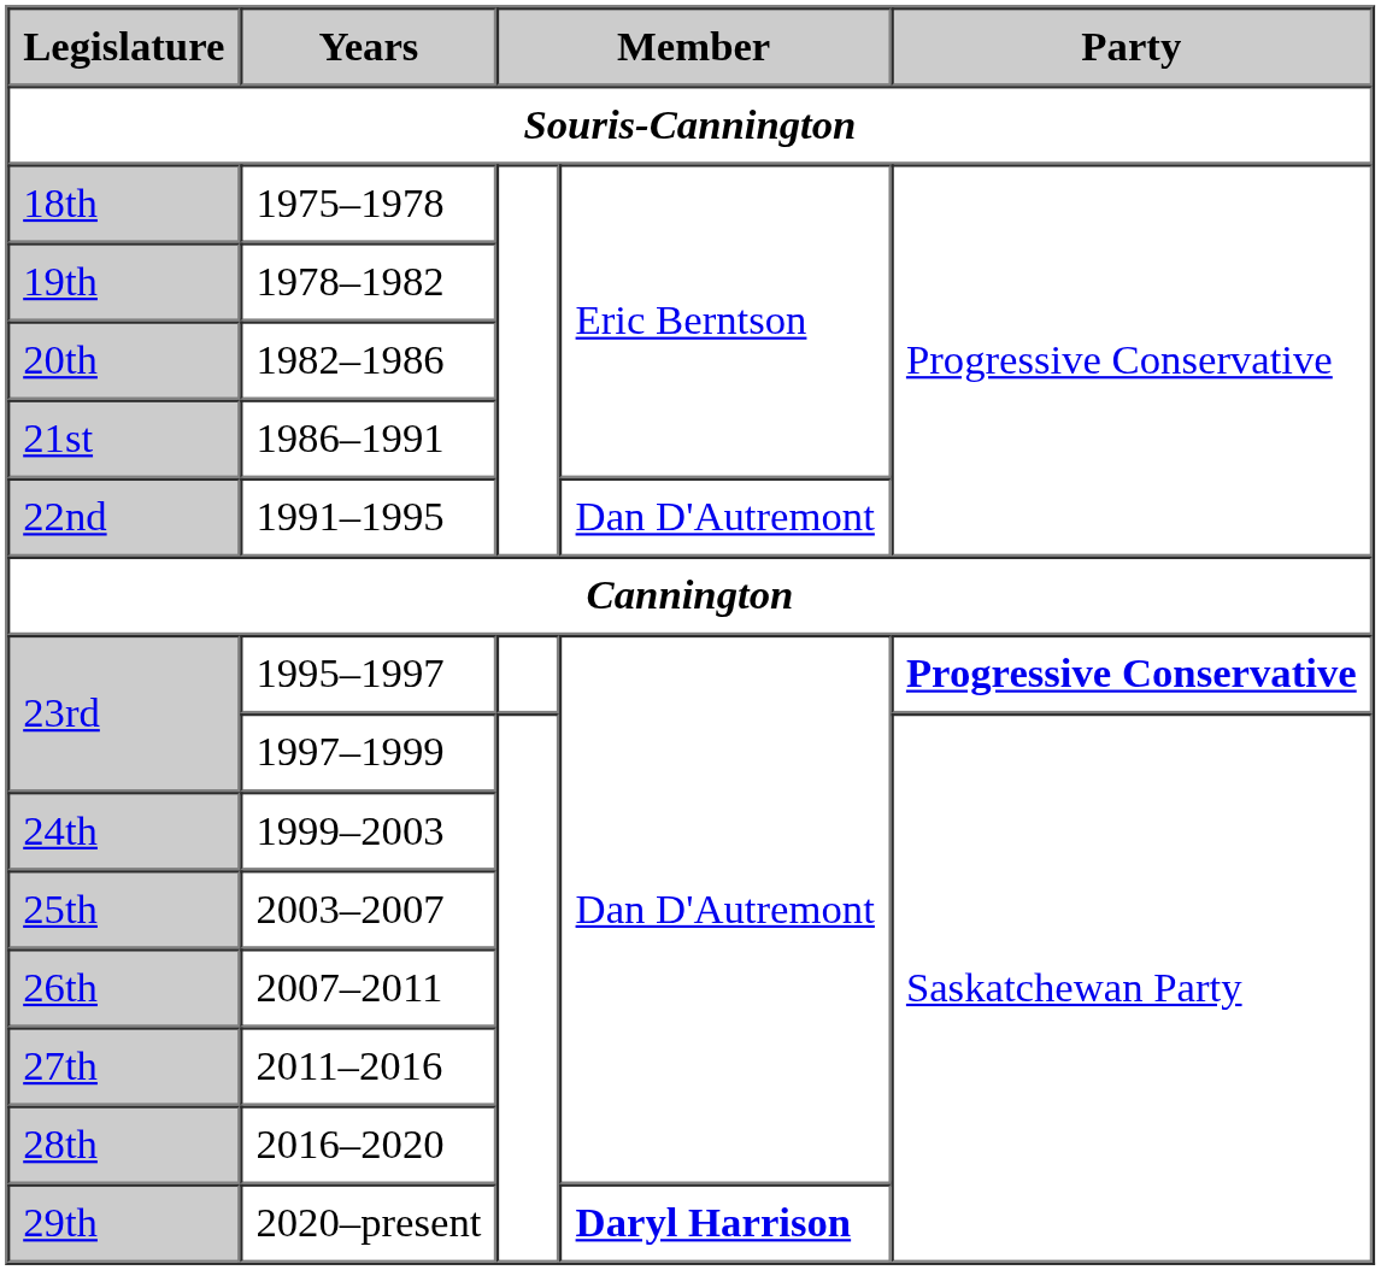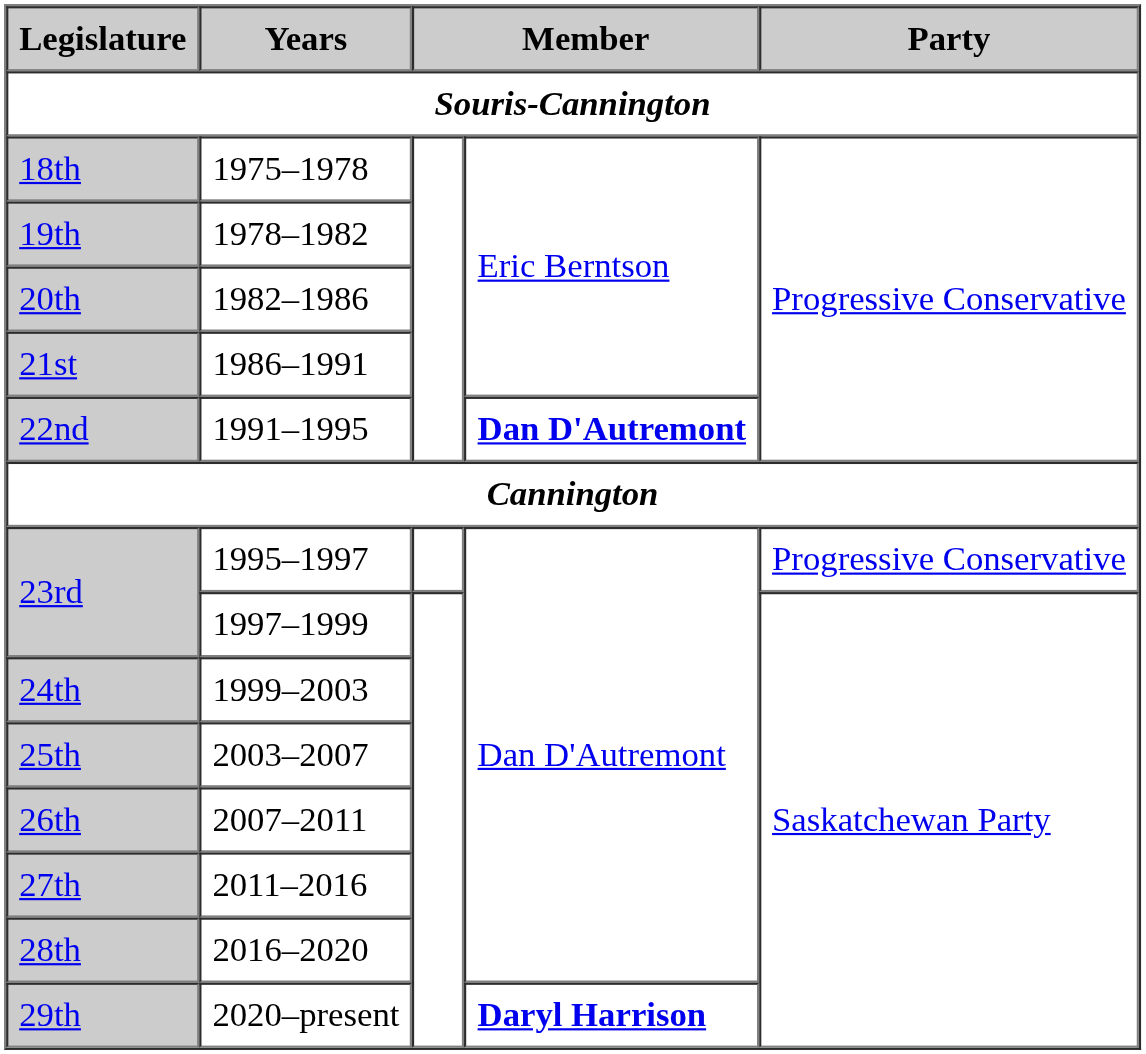 <table border=1 cellpadding=5 cellspacing=0>
 <tr bgcolor="CCCCCC">
 <th>Legislature</th>
 <th>Years</th>
 <th colspan="2">Member</th>
 <th>Party</th>
 </tr>
 <tr>
 <td colspan="5" align="center"><strong><em>Souris-Cannington</em></strong></td>
 </tr>
 <tr>
 <td bgcolor="CCCCCC"><a href='#'>18th</a></td>
 <td>1975–1978</td>
 <td rowspan="5" >   </td>
 <td rowspan="4"><a href='#'>Eric Berntson</a></td>
 <td rowspan="5"><a href='#'>Progressive Conservative</a></td>
 </tr>
 <tr>
 <td bgcolor="CCCCCC"><a href='#'>19th</a></td>
 <td>1978–1982</td>
 </tr>
 <tr>
 <td bgcolor="CCCCCC"><a href='#'>20th</a></td>
 <td>1982–1986</td>
 </tr>
 <tr>
 <td bgcolor="CCCCCC"><a href='#'>21st</a></td>
 <td>1986–1991</td>
 </tr>
 <tr>
 <td bgcolor="CCCCCC"><a href='#'>22nd</a></td>
 <td>1991–1995</td>
-<td><a href='#'>Dan D'Autremont</a></td>
+<td><strong><a href='#'>Dan D'Autremont</a></strong></td>
 </tr>
 <tr>
 <td colspan="5" align="center"><strong><em>Cannington</em></strong></td>
 </tr>
 <tr>
 <td bgcolor="CCCCCC" rowspan="2"><a href='#'>23rd</a></td>
 <td>1995–1997</td>
 <td>   </td>
 <td rowspan="7"><a href='#'>Dan D'Autremont</a></td>
-<td><strong><a href='#'>Progressive Conservative</a></strong></td>
+<td><a href='#'>Progressive Conservative</a></td>
 </tr>
 <tr>
 <td>1997–1999</td>
 <td rowspan="7" >   </td>
 <td rowspan="7"><a href='#'>Saskatchewan Party</a></td>
 </tr>
 <tr>
 <td bgcolor="CCCCCC"><a href='#'>24th</a></td>
 <td>1999–2003</td>
 </tr>
 <tr>
 <td bgcolor="CCCCCC"><a href='#'>25th</a></td>
 <td>2003–2007</td>
 </tr>
 <tr>
 <td bgcolor="CCCCCC"><a href='#'>26th</a></td>
 <td>2007–2011</td>
 </tr>
 <tr>
 <td bgcolor="CCCCCC"><a href='#'>27th</a></td>
 <td>2011–2016</td>
 </tr>
 <tr>
 <td bgcolor="CCCCCC"><a href='#'>28th</a></td>
 <td>2016–2020</td>
 </tr>
 <tr>
 <td bgcolor="CCCCCC"><a href='#'>29th</a></td>
 <td>2020–present</td>
 <td><strong><a href='#'>Daryl Harrison</a></strong></td>
 </tr>
 </table>
